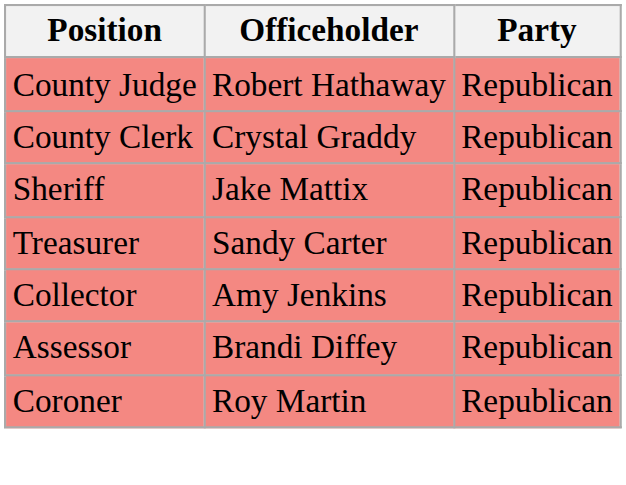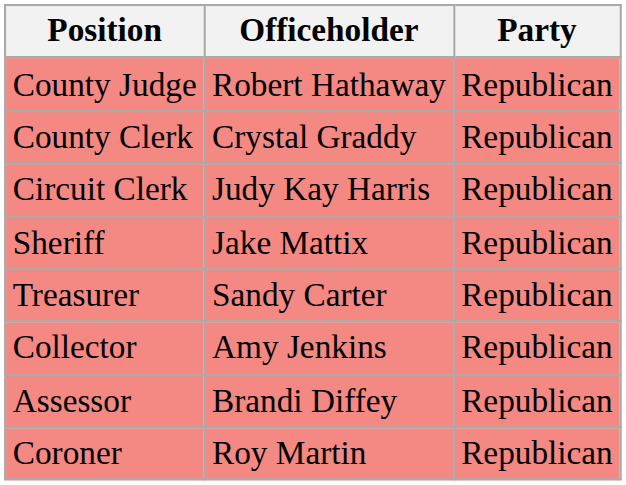 <table class="wikitable mw-collapsible">
 <tr>
 <th>Position</th>
 <th>Officeholder</th>
 <th>Party</th>
 </tr>
 <tr style="background-color:#F48882;">
 <td>County Judge</td>
 <td>Robert Hathaway</td>
 <td>Republican</td>
 </tr>
 <tr style="background-color:#F48882;">
 <td>County Clerk</td>
 <td>Crystal Graddy</td>
+<td>Republican</td>
+</tr>
+<tr style="background-color:#F48882;">
+<td>Circuit Clerk</td>
+<td>Judy Kay Harris</td>
 <td>Republican</td>
 </tr>
 <tr style="background-color:#F48882;">
 <td>Sheriff</td>
 <td>Jake Mattix</td>
 <td>Republican</td>
 </tr>
 <tr style="background-color:#F48882;">
 <td>Treasurer</td>
 <td>Sandy Carter</td>
 <td>Republican</td>
 </tr>
 <tr style="background-color:#F48882;">
 <td>Collector</td>
 <td>Amy Jenkins</td>
 <td>Republican</td>
 </tr>
 <tr style="background-color:#F48882;">
 <td>Assessor</td>
 <td>Brandi Diffey</td>
 <td>Republican</td>
 </tr>
 <tr style="background-color:#F48882;">
 <td>Coroner</td>
 <td>Roy Martin</td>
 <td>Republican</td>
 </tr>
 </table>
